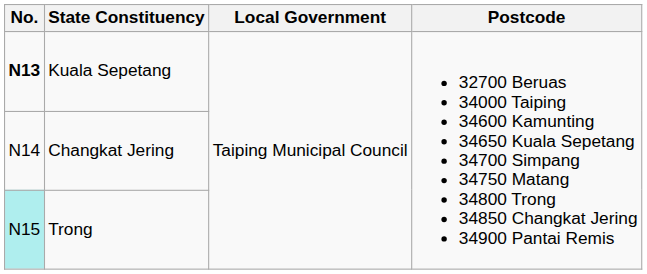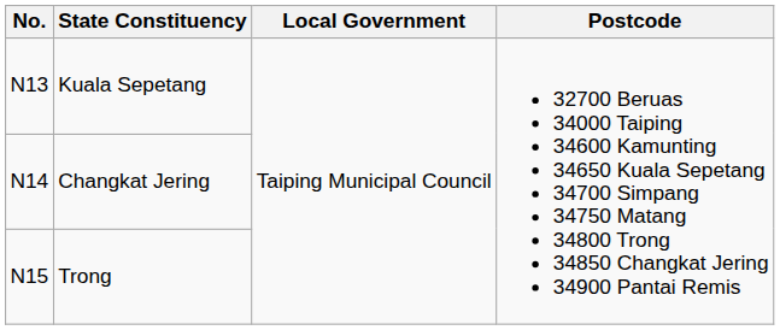 <table class="wikitable">
 <tr>
 <th>No.</th>
 <th>State Constituency</th>
 <th>Local Government</th>
 <th>Postcode</th>
 </tr>
 <tr>
-<td><strong>N13</strong></td>
+<td>N13</td>
 <td>Kuala Sepetang</td>
 <td rowspan="3">Taiping Municipal Council</td>
 <td rowspan="3"><br><ul><li>32700 Beruas</li><li>34000 Taiping</li><li>34600 Kamunting</li><li>34650 Kuala Sepetang</li><li>34700 Simpang</li><li>34750 Matang</li><li>34800 Trong</li><li>34850 Changkat Jering</li><li>34900 Pantai Remis</li></ul></td>
 </tr>
 <tr>
 <td>N14</td>
 <td>Changkat Jering</td>
 </tr>
 <tr>
-<td style="background: paleturquoise;">N15</td>
+<td>N15</td>
 <td>Trong</td>
 </tr>
 </table>
